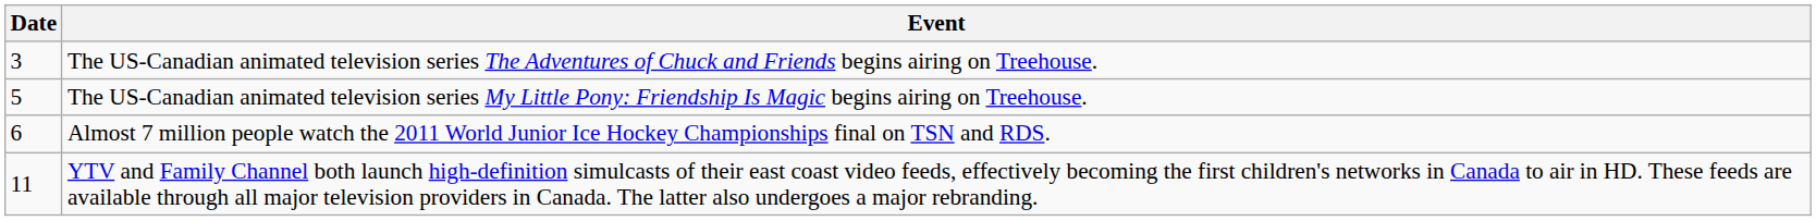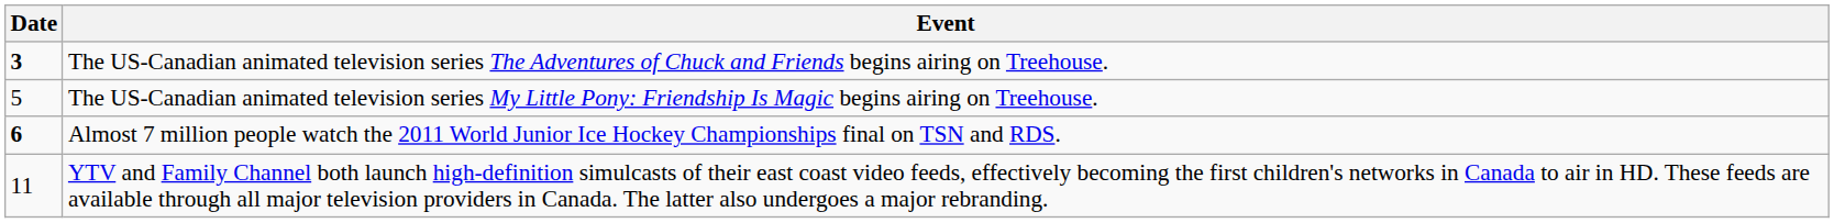 <table class="wikitable">
 <tr>
 <th>Date</th>
 <th>Event</th>
 </tr>
 <tr>
-<td>3</td>
+<td><strong>3</strong></td>
 <td>The US-Canadian animated television series <em><a href='#'>The Adventures of Chuck and Friends</a></em> begins airing on <a href='#'>Treehouse</a>.</td>
 </tr>
 <tr>
 <td>5</td>
 <td>The US-Canadian animated television series <em><a href='#'>My Little Pony: Friendship Is Magic</a></em> begins airing on <a href='#'>Treehouse</a>.</td>
 </tr>
 <tr>
-<td>6</td>
+<td><strong>6</strong></td>
 <td>Almost 7 million people watch the <a href='#'>2011 World Junior Ice Hockey Championships</a> final on <a href='#'>TSN</a> and <a href='#'>RDS</a>.</td>
 </tr>
 <tr>
 <td>11</td>
 <td><a href='#'>YTV</a> and <a href='#'>Family Channel</a> both launch <a href='#'>high-definition</a> simulcasts of their east coast video feeds, effectively becoming the first children's networks in <a href='#'>Canada</a> to air in HD. These feeds are available through all major television providers in Canada. The latter also undergoes a major rebranding.</td>
 </tr>
 </table>
